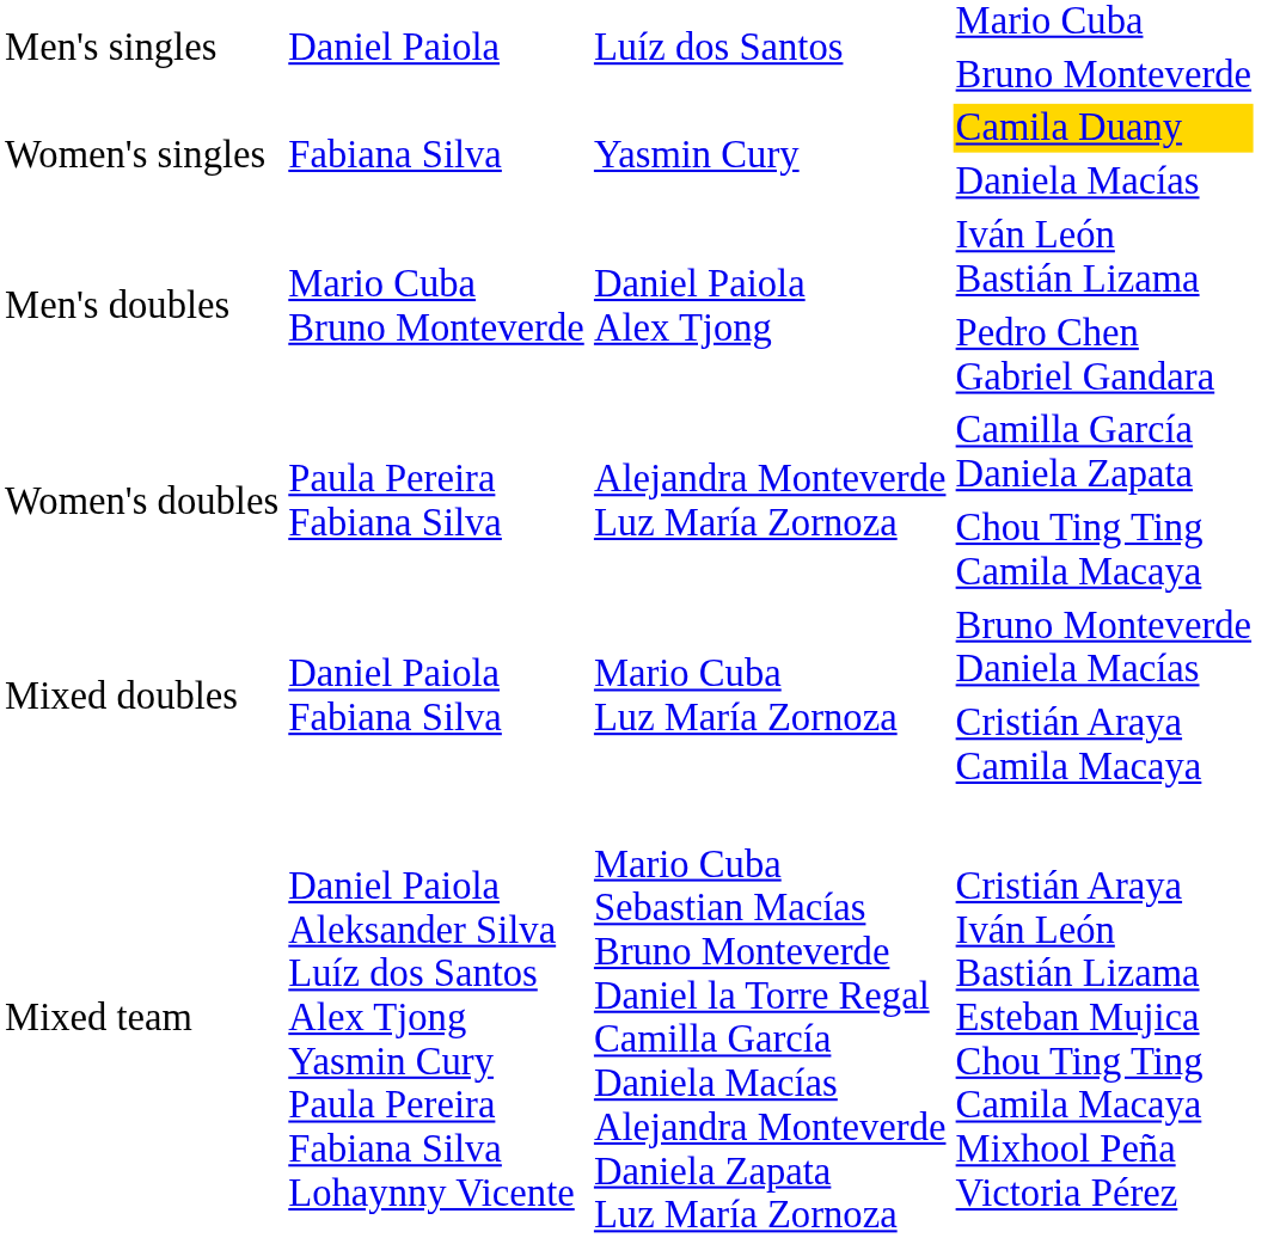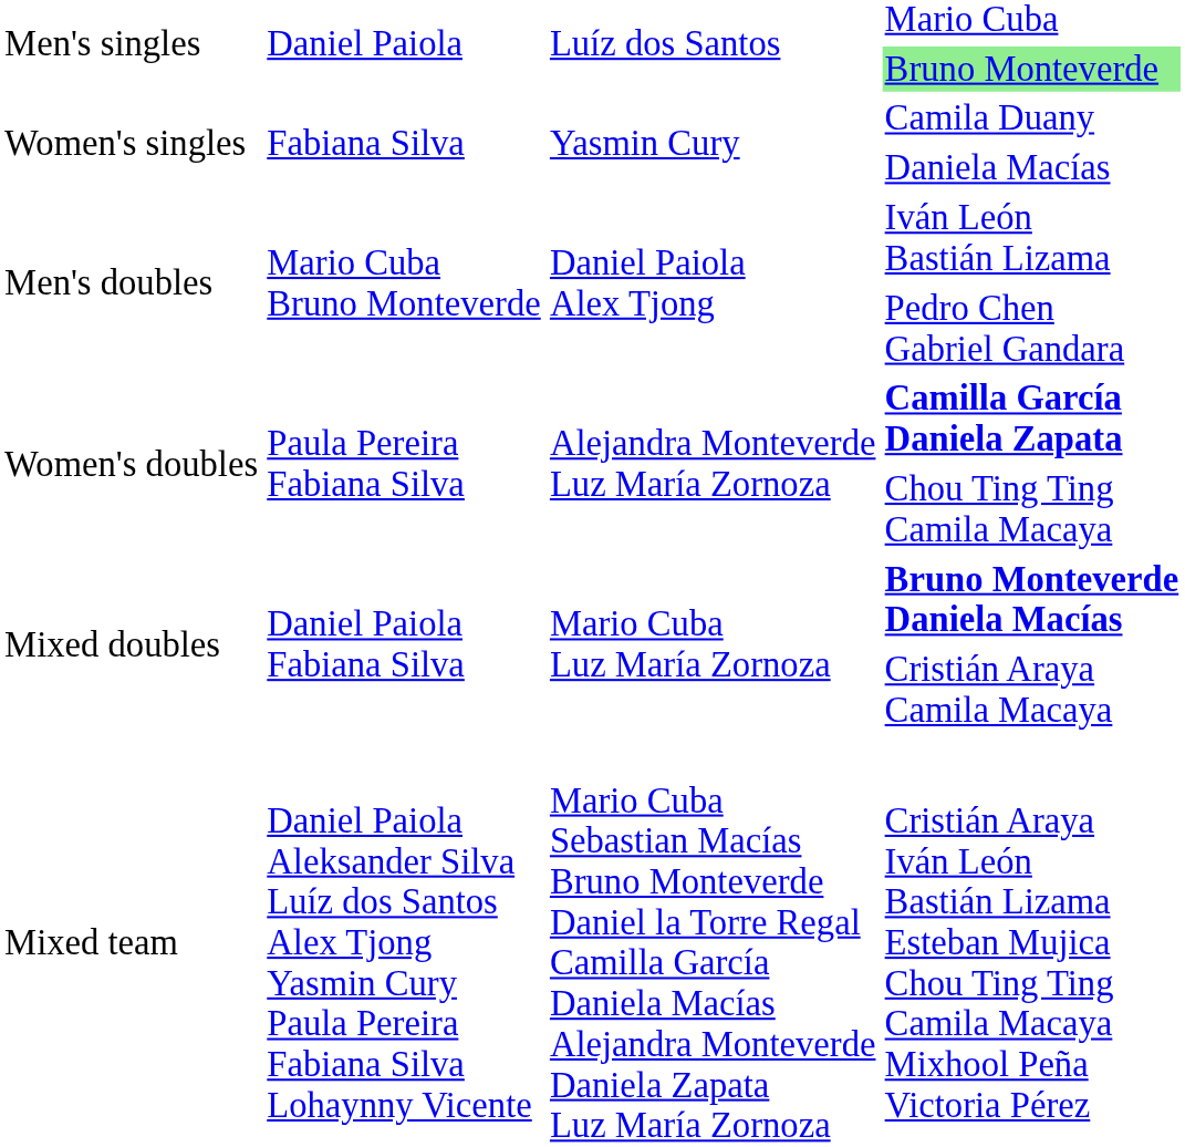 <table>
 <tr>
 <td rowspan="2">Men's singles</td>
 <td rowspan="2"> <a href='#'>Daniel Paiola</a></td>
 <td rowspan="2"> <a href='#'>Luíz dos Santos</a></td>
 <td> <a href='#'>Mario Cuba</a></td>
 </tr>
 <tr>
-<td> <a href='#'>Bruno Monteverde</a></td>
+<td style="background: lightgreen;"> <a href='#'>Bruno Monteverde</a></td>
 </tr>
 <tr>
 <td rowspan="2">Women's singles</td>
 <td rowspan="2"> <a href='#'>Fabiana Silva</a></td>
 <td rowspan="2"> <a href='#'>Yasmin Cury</a></td>
-<td style="background: gold;"> <a href='#'>Camila Duany</a></td>
+<td> <a href='#'>Camila Duany</a></td>
 </tr>
 <tr>
 <td> <a href='#'>Daniela Macías</a></td>
 </tr>
 <tr>
 <td rowspan="2">Men's doubles</td>
 <td rowspan="2"> <a href='#'>Mario Cuba</a><br> <a href='#'>Bruno Monteverde</a></td>
 <td rowspan="2"> <a href='#'>Daniel Paiola</a><br> <a href='#'>Alex Tjong</a></td>
 <td> <a href='#'>Iván León</a><br> <a href='#'>Bastián Lizama</a></td>
 </tr>
 <tr>
 <td> <a href='#'>Pedro Chen</a><br> <a href='#'>Gabriel Gandara</a></td>
 </tr>
 <tr>
 <td rowspan="2">Women's doubles</td>
 <td rowspan="2"> <a href='#'>Paula Pereira</a><br> <a href='#'>Fabiana Silva</a></td>
 <td rowspan="2"> <a href='#'>Alejandra Monteverde</a><br> <a href='#'>Luz María Zornoza</a></td>
-<td> <a href='#'>Camilla García</a><br> <a href='#'>Daniela Zapata</a></td>
+<td><strong> <a href='#'>Camilla García</a><br> <a href='#'>Daniela Zapata</a></strong></td>
 </tr>
 <tr>
 <td> <a href='#'>Chou Ting Ting</a><br> <a href='#'>Camila Macaya</a></td>
 </tr>
 <tr>
 <td rowspan="2">Mixed doubles</td>
 <td rowspan="2"> <a href='#'>Daniel Paiola</a><br> <a href='#'>Fabiana Silva</a></td>
 <td rowspan="2"> <a href='#'>Mario Cuba</a><br> <a href='#'>Luz María Zornoza</a></td>
-<td> <a href='#'>Bruno Monteverde</a><br> <a href='#'>Daniela Macías</a></td>
+<td><strong> <a href='#'>Bruno Monteverde</a><br> <a href='#'>Daniela Macías</a></strong></td>
 </tr>
 <tr>
 <td> <a href='#'>Cristián Araya</a><br> <a href='#'>Camila Macaya</a></td>
 </tr>
 <tr>
 <td>Mixed team</td>
 <td align="left"><br><a href='#'>Daniel Paiola</a><br><a href='#'>Aleksander Silva</a><br><a href='#'>Luíz dos Santos</a><br><a href='#'>Alex Tjong</a><br><a href='#'>Yasmin Cury</a><br><a href='#'>Paula Pereira</a><br><a href='#'>Fabiana Silva</a><br><a href='#'>Lohaynny Vicente</a></td>
 <td align="left"><br><a href='#'>Mario Cuba</a><br><a href='#'>Sebastian Macías</a><br><a href='#'>Bruno Monteverde</a><br><a href='#'>Daniel la Torre Regal</a><br><a href='#'>Camilla García</a><br><a href='#'>Daniela Macías</a><br><a href='#'>Alejandra Monteverde</a><br><a href='#'>Daniela Zapata</a><br><a href='#'>Luz María Zornoza</a></td>
 <td align="left"><br><a href='#'>Cristián Araya</a><br><a href='#'>Iván León</a><br><a href='#'>Bastián Lizama</a><br><a href='#'>Esteban Mujica</a><br><a href='#'>Chou Ting Ting</a><br><a href='#'>Camila Macaya</a><br><a href='#'>Mixhool Peña</a><br><a href='#'>Victoria Pérez</a></td>
 </tr>
 </table>
